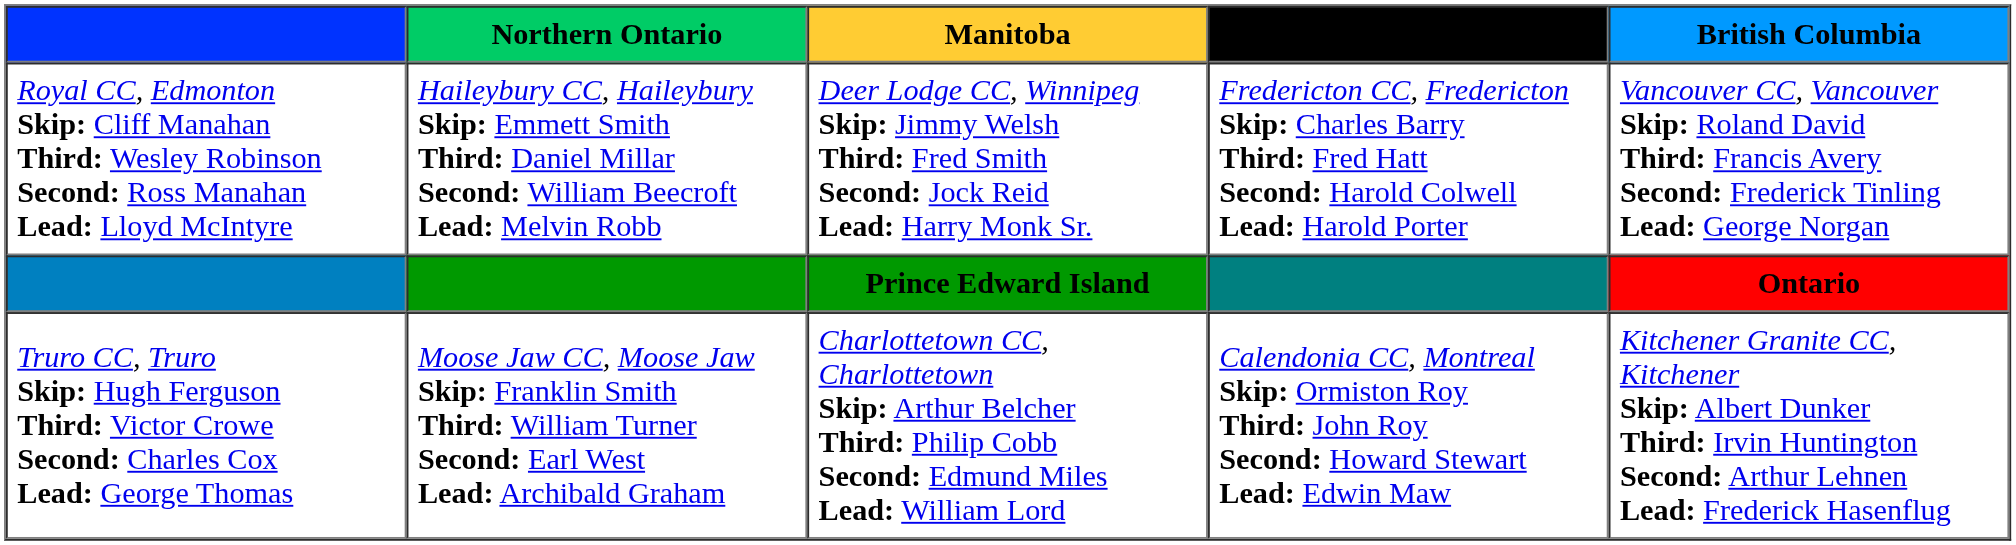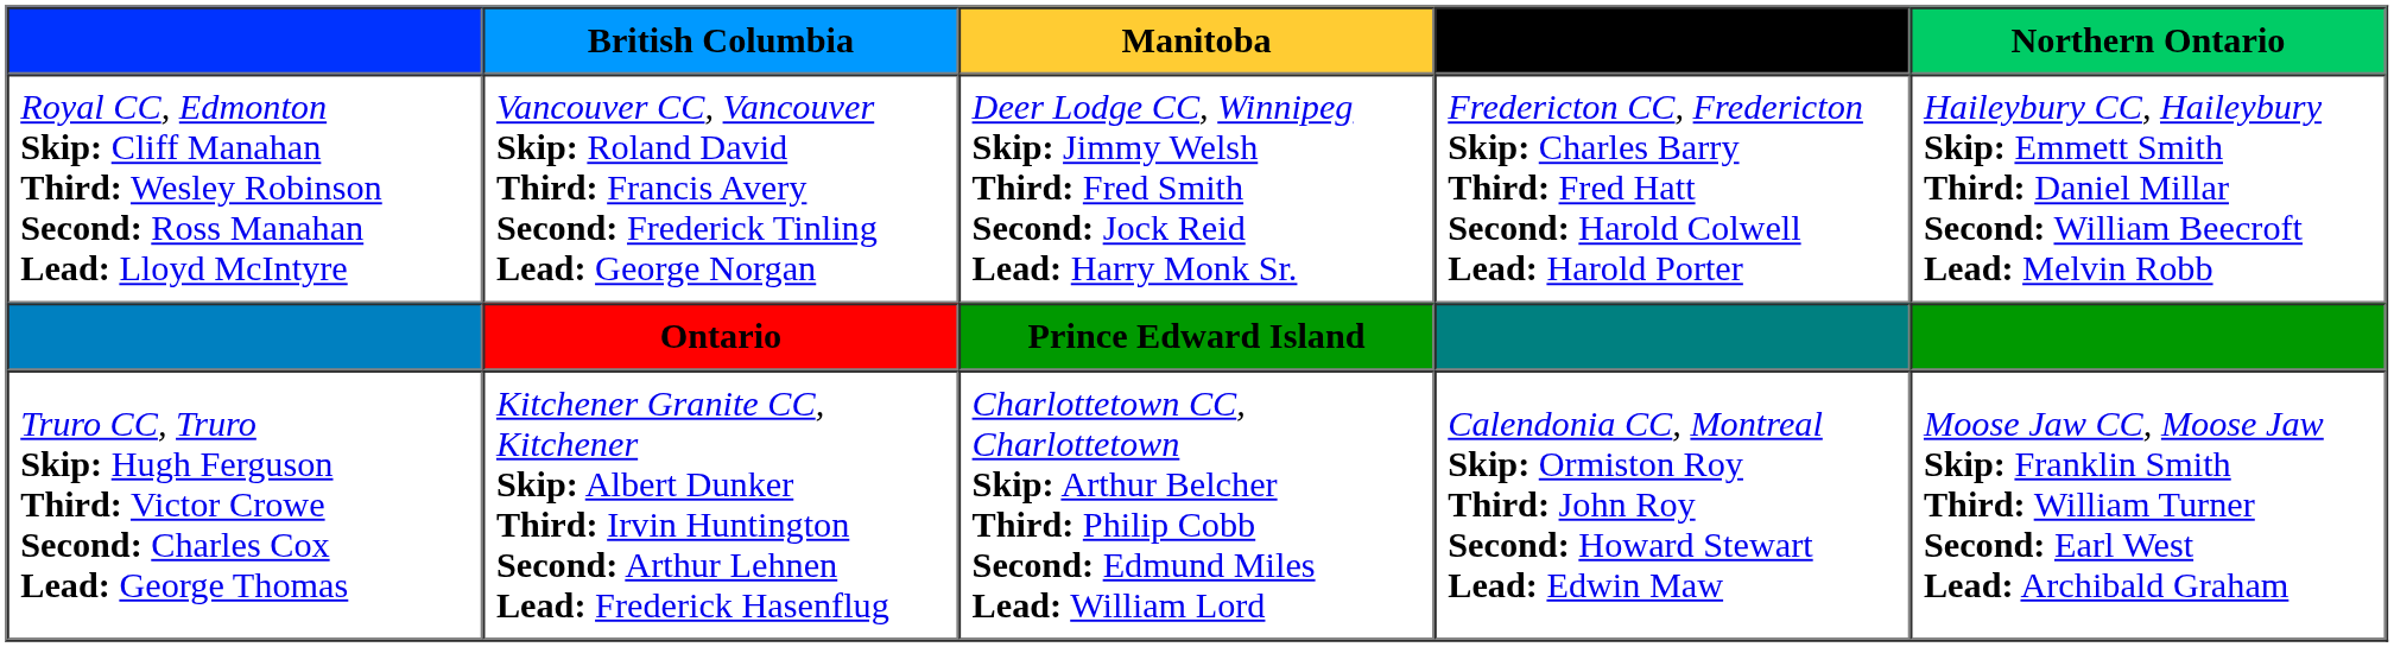 <table - border=1 cellpadding=5 cellspacing=0>
 <tr>
 <th bgcolor=#0033FF width=200></th>
-<th style="background:#0c6; width:200px;">Northern Ontario</th>
+<th style="background:#09f; width:200px;">British Columbia</th>
 <th style="background:#FFCC33; width:200px;">Manitoba</th>
 <th bgcolor=#000000 width=200></th>
-<th style="background:#09f; width:200px;">British Columbia</th>
+<th style="background:#0c6; width:200px;">Northern Ontario</th>
 </tr>
 <tr>
 <td><em><a href='#'>Royal CC</a>, <a href='#'>Edmonton</a></em><br><strong>Skip:</strong> <a href='#'>Cliff Manahan</a><br> <strong>Third:</strong> <a href='#'>Wesley Robinson</a><br> <strong>Second:</strong> <a href='#'>Ross Manahan</a><br> <strong>Lead:</strong> <a href='#'>Lloyd McIntyre</a></td>
-<td><em><a href='#'>Haileybury CC</a>, <a href='#'>Haileybury</a></em><br><strong>Skip:</strong> <a href='#'>Emmett Smith</a><br> <strong>Third:</strong> <a href='#'>Daniel Millar</a><br> <strong>Second:</strong> <a href='#'>William Beecroft</a><br> <strong>Lead:</strong> <a href='#'>Melvin Robb</a></td>
+<td><em><a href='#'>Vancouver CC</a>, <a href='#'>Vancouver</a></em><br><strong>Skip:</strong> <a href='#'>Roland David</a><br> <strong>Third:</strong> <a href='#'>Francis Avery</a><br> <strong>Second:</strong> <a href='#'>Frederick Tinling</a><br> <strong>Lead:</strong> <a href='#'>George Norgan</a></td>
 <td><em><a href='#'>Deer Lodge CC</a>, <a href='#'>Winnipeg</a></em><br><strong>Skip:</strong> <a href='#'>Jimmy Welsh</a><br> <strong>Third:</strong> <a href='#'>Fred Smith</a><br> <strong>Second:</strong> <a href='#'>Jock Reid</a><br> <strong>Lead:</strong> <a href='#'>Harry Monk Sr.</a></td>
 <td><em><a href='#'>Fredericton CC</a>, <a href='#'>Fredericton</a></em><br><strong>Skip:</strong> <a href='#'>Charles Barry</a><br> <strong>Third:</strong> <a href='#'>Fred Hatt</a><br> <strong>Second:</strong> <a href='#'>Harold Colwell</a><br> <strong>Lead:</strong> <a href='#'>Harold Porter</a></td>
-<td><em><a href='#'>Vancouver CC</a>, <a href='#'>Vancouver</a></em><br><strong>Skip:</strong> <a href='#'>Roland David</a><br> <strong>Third:</strong> <a href='#'>Francis Avery</a><br> <strong>Second:</strong> <a href='#'>Frederick Tinling</a><br> <strong>Lead:</strong> <a href='#'>George Norgan</a></td>
+<td><em><a href='#'>Haileybury CC</a>, <a href='#'>Haileybury</a></em><br><strong>Skip:</strong> <a href='#'>Emmett Smith</a><br> <strong>Third:</strong> <a href='#'>Daniel Millar</a><br> <strong>Second:</strong> <a href='#'>William Beecroft</a><br> <strong>Lead:</strong> <a href='#'>Melvin Robb</a></td>
 </tr>
 <tr border=1 cellpadding=5 cellspacing=0>
 <th bgcolor=#0080C0 width=200></th>
-<th bgcolor=#009900 width=200></th>
+<th bgcolor=#FF0000 width=200>Ontario</th>
 <th style="background:#090; width:200px;">Prince Edward Island</th>
 <th style="background:#008080; width:200px;"></th>
-<th bgcolor=#FF0000 width=200>Ontario</th>
+<th bgcolor=#009900 width=200></th>
 </tr>
 <tr>
 <td><em><a href='#'>Truro CC</a>, <a href='#'>Truro</a></em><br><strong>Skip:</strong> <a href='#'>Hugh Ferguson</a><br> <strong>Third:</strong> <a href='#'>Victor Crowe</a><br> <strong>Second:</strong> <a href='#'>Charles Cox</a><br> <strong>Lead:</strong> <a href='#'>George Thomas</a></td>
-<td><em><a href='#'>Moose Jaw CC</a>, <a href='#'>Moose Jaw</a></em><br><strong>Skip:</strong> <a href='#'>Franklin Smith</a><br> <strong>Third:</strong> <a href='#'>William Turner</a><br> <strong>Second:</strong> <a href='#'>Earl West</a><br> <strong>Lead:</strong> <a href='#'>Archibald Graham</a></td>
+<td><em><a href='#'>Kitchener Granite CC</a>, <a href='#'>Kitchener</a></em><br><strong>Skip:</strong> <a href='#'>Albert Dunker</a><br> <strong>Third:</strong> <a href='#'>Irvin Huntington</a><br> <strong>Second:</strong> <a href='#'>Arthur Lehnen</a><br> <strong>Lead:</strong> <a href='#'>Frederick Hasenflug</a></td>
 <td><em><a href='#'>Charlottetown CC</a>, <a href='#'>Charlottetown</a></em><br><strong>Skip:</strong> <a href='#'>Arthur Belcher</a><br> <strong>Third:</strong> <a href='#'>Philip Cobb</a><br> <strong>Second:</strong> <a href='#'>Edmund Miles</a><br> <strong>Lead:</strong> <a href='#'>William Lord</a></td>
 <td><em><a href='#'>Calendonia CC</a>, <a href='#'>Montreal</a></em><br><strong>Skip:</strong> <a href='#'>Ormiston Roy</a><br> <strong>Third:</strong> <a href='#'>John Roy</a><br> <strong>Second:</strong> <a href='#'>Howard Stewart</a><br> <strong>Lead:</strong> <a href='#'>Edwin Maw</a></td>
-<td><em><a href='#'>Kitchener Granite CC</a>, <a href='#'>Kitchener</a></em><br><strong>Skip:</strong> <a href='#'>Albert Dunker</a><br> <strong>Third:</strong> <a href='#'>Irvin Huntington</a><br> <strong>Second:</strong> <a href='#'>Arthur Lehnen</a><br> <strong>Lead:</strong> <a href='#'>Frederick Hasenflug</a></td>
+<td><em><a href='#'>Moose Jaw CC</a>, <a href='#'>Moose Jaw</a></em><br><strong>Skip:</strong> <a href='#'>Franklin Smith</a><br> <strong>Third:</strong> <a href='#'>William Turner</a><br> <strong>Second:</strong> <a href='#'>Earl West</a><br> <strong>Lead:</strong> <a href='#'>Archibald Graham</a></td>
 </tr>
 </table>
